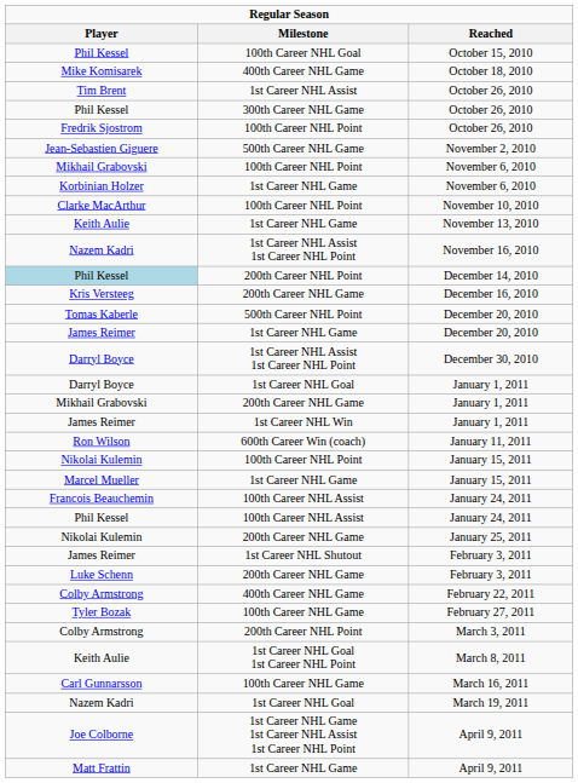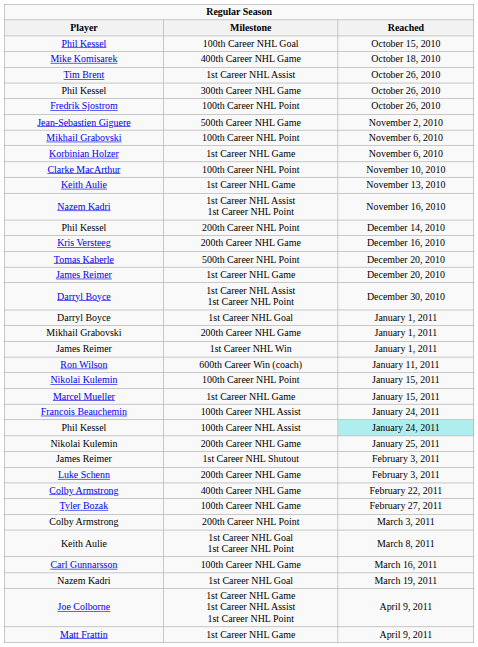 <table class="wikitable" style="width:60%; text-align:center;">
 <tr>
 <td colspan="10" style="text-align:center;"><strong>Regular Season</strong></td>
 </tr>
 <tr>
 <th>Player</th>
 <th>Milestone</th>
 <th>Reached</th>
 </tr>
 <tr>
 <td><a href='#'>Phil Kessel</a></td>
 <td>100th Career NHL Goal</td>
 <td>October 15, 2010</td>
 </tr>
 <tr>
 <td><a href='#'>Mike Komisarek</a></td>
 <td>400th Career NHL Game</td>
 <td>October 18, 2010</td>
 </tr>
 <tr>
 <td><a href='#'>Tim Brent</a></td>
 <td>1st Career NHL Assist</td>
 <td>October 26, 2010</td>
 </tr>
 <tr>
 <td>Phil Kessel</td>
 <td>300th Career NHL Game</td>
 <td>October 26, 2010</td>
 </tr>
 <tr>
 <td><a href='#'>Fredrik Sjostrom</a></td>
 <td>100th Career NHL Point</td>
 <td>October 26, 2010</td>
 </tr>
 <tr>
 <td><a href='#'>Jean-Sebastien Giguere</a></td>
 <td>500th Career NHL Game</td>
 <td>November 2, 2010</td>
 </tr>
 <tr>
 <td><a href='#'>Mikhail Grabovski</a></td>
 <td>100th Career NHL Point</td>
 <td>November 6, 2010</td>
 </tr>
 <tr>
 <td><a href='#'>Korbinian Holzer</a></td>
 <td>1st Career NHL Game</td>
 <td>November 6, 2010</td>
 </tr>
 <tr>
 <td><a href='#'>Clarke MacArthur</a></td>
 <td>100th Career NHL Point</td>
 <td>November 10, 2010</td>
 </tr>
 <tr>
 <td><a href='#'>Keith Aulie</a></td>
 <td>1st Career NHL Game</td>
 <td>November 13, 2010</td>
 </tr>
 <tr>
 <td><a href='#'>Nazem Kadri</a></td>
 <td>1st Career NHL Assist<br>1st Career NHL Point</td>
 <td>November 16, 2010</td>
 </tr>
 <tr>
-<td style="background: lightblue;">Phil Kessel</td>
+<td>Phil Kessel</td>
 <td>200th Career NHL Point</td>
 <td>December 14, 2010</td>
 </tr>
 <tr>
 <td><a href='#'>Kris Versteeg</a></td>
 <td>200th Career NHL Game</td>
 <td>December 16, 2010</td>
 </tr>
 <tr>
 <td><a href='#'>Tomas Kaberle</a></td>
 <td>500th Career NHL Point</td>
 <td>December 20, 2010</td>
 </tr>
 <tr>
 <td><a href='#'>James Reimer</a></td>
 <td>1st Career NHL Game</td>
 <td>December 20, 2010</td>
 </tr>
 <tr>
 <td><a href='#'>Darryl Boyce</a></td>
 <td>1st Career NHL Assist<br>1st Career NHL Point</td>
 <td>December 30, 2010</td>
 </tr>
 <tr>
 <td>Darryl Boyce</td>
 <td>1st Career NHL Goal</td>
 <td>January 1, 2011</td>
 </tr>
 <tr>
 <td>Mikhail Grabovski</td>
 <td>200th Career NHL Game</td>
 <td>January 1, 2011</td>
 </tr>
 <tr>
 <td>James Reimer</td>
 <td>1st Career NHL Win</td>
 <td>January 1, 2011</td>
 </tr>
 <tr>
 <td><a href='#'>Ron Wilson</a></td>
 <td>600th Career Win (coach)</td>
 <td>January 11, 2011</td>
 </tr>
 <tr>
 <td><a href='#'>Nikolai Kulemin</a></td>
 <td>100th Career NHL Point</td>
 <td>January 15, 2011</td>
 </tr>
 <tr>
 <td><a href='#'>Marcel Mueller</a></td>
 <td>1st Career NHL Game</td>
 <td>January 15, 2011</td>
 </tr>
 <tr>
 <td><a href='#'>Francois Beauchemin</a></td>
 <td>100th Career NHL Assist</td>
 <td>January 24, 2011</td>
 </tr>
 <tr>
 <td>Phil Kessel</td>
 <td>100th Career NHL Assist</td>
-<td>January 24, 2011</td>
+<td style="background: paleturquoise;">January 24, 2011</td>
 </tr>
 <tr>
 <td>Nikolai Kulemin</td>
 <td>200th Career NHL Game</td>
 <td>January 25, 2011</td>
 </tr>
 <tr>
 <td>James Reimer</td>
 <td>1st Career NHL Shutout</td>
 <td>February 3, 2011</td>
 </tr>
 <tr>
 <td><a href='#'>Luke Schenn</a></td>
 <td>200th Career NHL Game</td>
 <td>February 3, 2011</td>
 </tr>
 <tr>
 <td><a href='#'>Colby Armstrong</a></td>
 <td>400th Career NHL Game</td>
 <td>February 22, 2011</td>
 </tr>
 <tr>
 <td><a href='#'>Tyler Bozak</a></td>
 <td>100th Career NHL Game</td>
 <td>February 27, 2011</td>
 </tr>
 <tr>
 <td>Colby Armstrong</td>
 <td>200th Career NHL Point</td>
 <td>March 3, 2011</td>
 </tr>
 <tr>
 <td>Keith Aulie</td>
 <td>1st Career NHL Goal<br>1st Career NHL Point</td>
 <td>March 8, 2011</td>
 </tr>
 <tr>
 <td><a href='#'>Carl Gunnarsson</a></td>
 <td>100th Career NHL Game</td>
 <td>March 16, 2011</td>
 </tr>
 <tr>
 <td>Nazem Kadri</td>
 <td>1st Career NHL Goal</td>
 <td>March 19, 2011</td>
 </tr>
 <tr>
 <td><a href='#'>Joe Colborne</a></td>
 <td>1st Career NHL Game<br>1st Career NHL Assist<br>1st Career NHL Point</td>
 <td>April 9, 2011</td>
 </tr>
 <tr>
 <td><a href='#'>Matt Frattin</a></td>
 <td>1st Career NHL Game</td>
 <td>April 9, 2011</td>
 </tr>
 </table>
